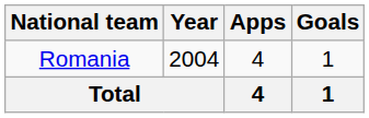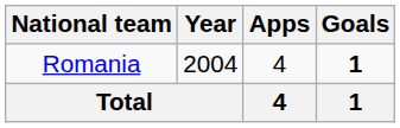 <table class="wikitable" style="text-align: center;">
 <tr>
 <th>National team</th>
 <th>Year</th>
 <th>Apps</th>
 <th>Goals</th>
 </tr>
 <tr>
 <td rowspan="1"><a href='#'>Romania</a></td>
 <td>2004</td>
 <td>4</td>
-<td>1</td>
+<td><strong>1</strong></td>
 </tr>
 <tr>
 <th colspan="2">Total</th>
 <th>4</th>
 <th>1</th>
 </tr>
 </table>
